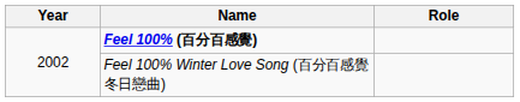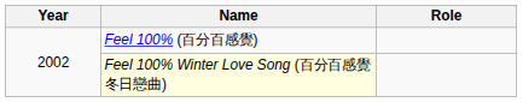 <table class="wikitable">
 <tr>
 <th align-"left" width="100">Year</th>
 <th align="left" width="300">Name</th>
 <th align="left" width="150">Role</th>
 </tr>
 <tr>
 <td rowspan="2" align="center">2002</td>
-<td align="left"><strong><em><a href='#'>Feel 100%</a></em> (百分百感覺)</strong></td>
+<td align="left"><em><a href='#'>Feel 100%</a></em> (百分百感覺)</td>
 <td align="left"></td>
 </tr>
 <tr>
-<td align="left"><em>Feel 100% Winter Love Song</em> (百分百感覺冬日戀曲)</td>
+<td align="left" style="background: lightyellow;"><em>Feel 100% Winter Love Song</em> (百分百感覺冬日戀曲)</td>
 <td align="left"></td>
 </tr>
 </table>
